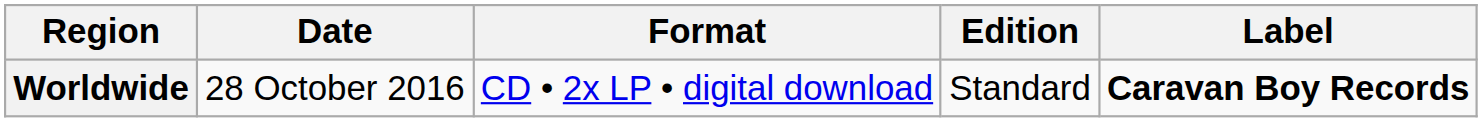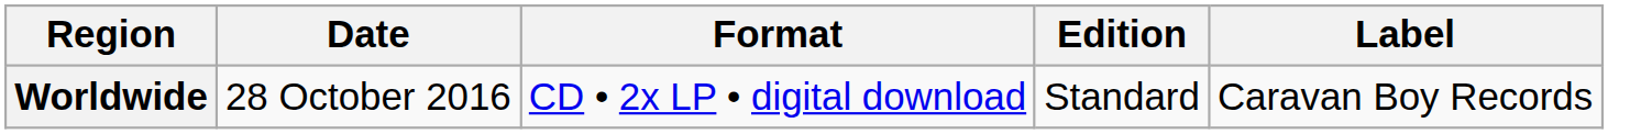 <table class="wikitable plainrowheaders">
 <tr>
 <th scope="col">Region</th>
 <th scope="col">Date</th>
 <th scope="col">Format</th>
 <th scope="col">Edition</th>
 <th scope="col">Label</th>
 </tr>
 <tr>
 <th scope="row" rowspan="2">Worldwide</th>
 <td>28 October 2016</td>
 <td><a href='#'>CD</a> • <a href='#'>2x LP</a> • <a href='#'>digital download</a></td>
 <td rowspan="3">Standard</td>
-<td><strong>Caravan Boy Records</strong></td>
+<td>Caravan Boy Records</td>
 </tr>
 </table>
